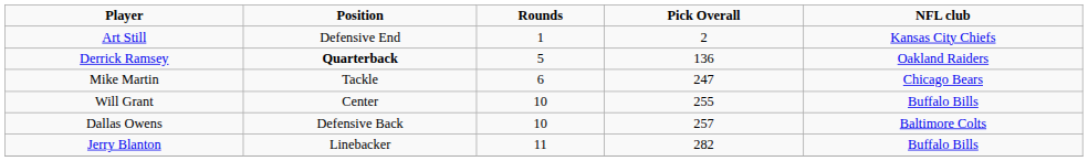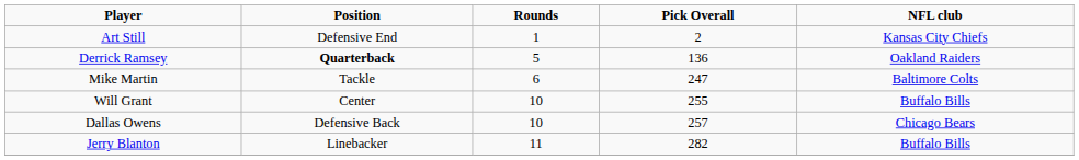 <table class="wikitable" width="80%">
 <tr align="center">
 <td><strong>Player</strong></td>
 <td><strong>Position</strong></td>
 <td><strong>Rounds</strong></td>
 <td><strong>Pick Overall</strong></td>
 <td><strong>NFL club</strong></td>
 </tr>
 <tr align="center" bgcolor="">
 <td><a href='#'>Art Still</a></td>
 <td>Defensive End</td>
 <td>1</td>
 <td>2</td>
 <td><a href='#'>Kansas City Chiefs</a></td>
 </tr>
 <tr align="center" bgcolor="">
 <td><a href='#'>Derrick Ramsey</a></td>
 <td><strong>Quarterback</strong></td>
 <td>5</td>
 <td>136</td>
 <td><a href='#'>Oakland Raiders</a></td>
 </tr>
 <tr align="center" bgcolor="">
 <td>Mike Martin</td>
 <td>Tackle</td>
 <td>6</td>
 <td>247</td>
-<td><a href='#'>Chicago Bears</a></td>
+<td><a href='#'>Baltimore Colts</a></td>
 </tr>
 <tr align="center" bgcolor="">
 <td>Will Grant</td>
 <td>Center</td>
 <td>10</td>
 <td>255</td>
 <td><a href='#'>Buffalo Bills</a></td>
 </tr>
 <tr align="center" bgcolor="">
 <td>Dallas Owens</td>
 <td>Defensive Back</td>
 <td>10</td>
 <td>257</td>
-<td><a href='#'>Baltimore Colts</a></td>
+<td><a href='#'>Chicago Bears</a></td>
 </tr>
 <tr align="center" bgcolor="">
 <td><a href='#'>Jerry Blanton</a></td>
 <td>Linebacker</td>
 <td>11</td>
 <td>282</td>
 <td><a href='#'>Buffalo Bills</a></td>
 </tr>
 <tr align="center" bgcolor="">
 </tr>
 </table>
